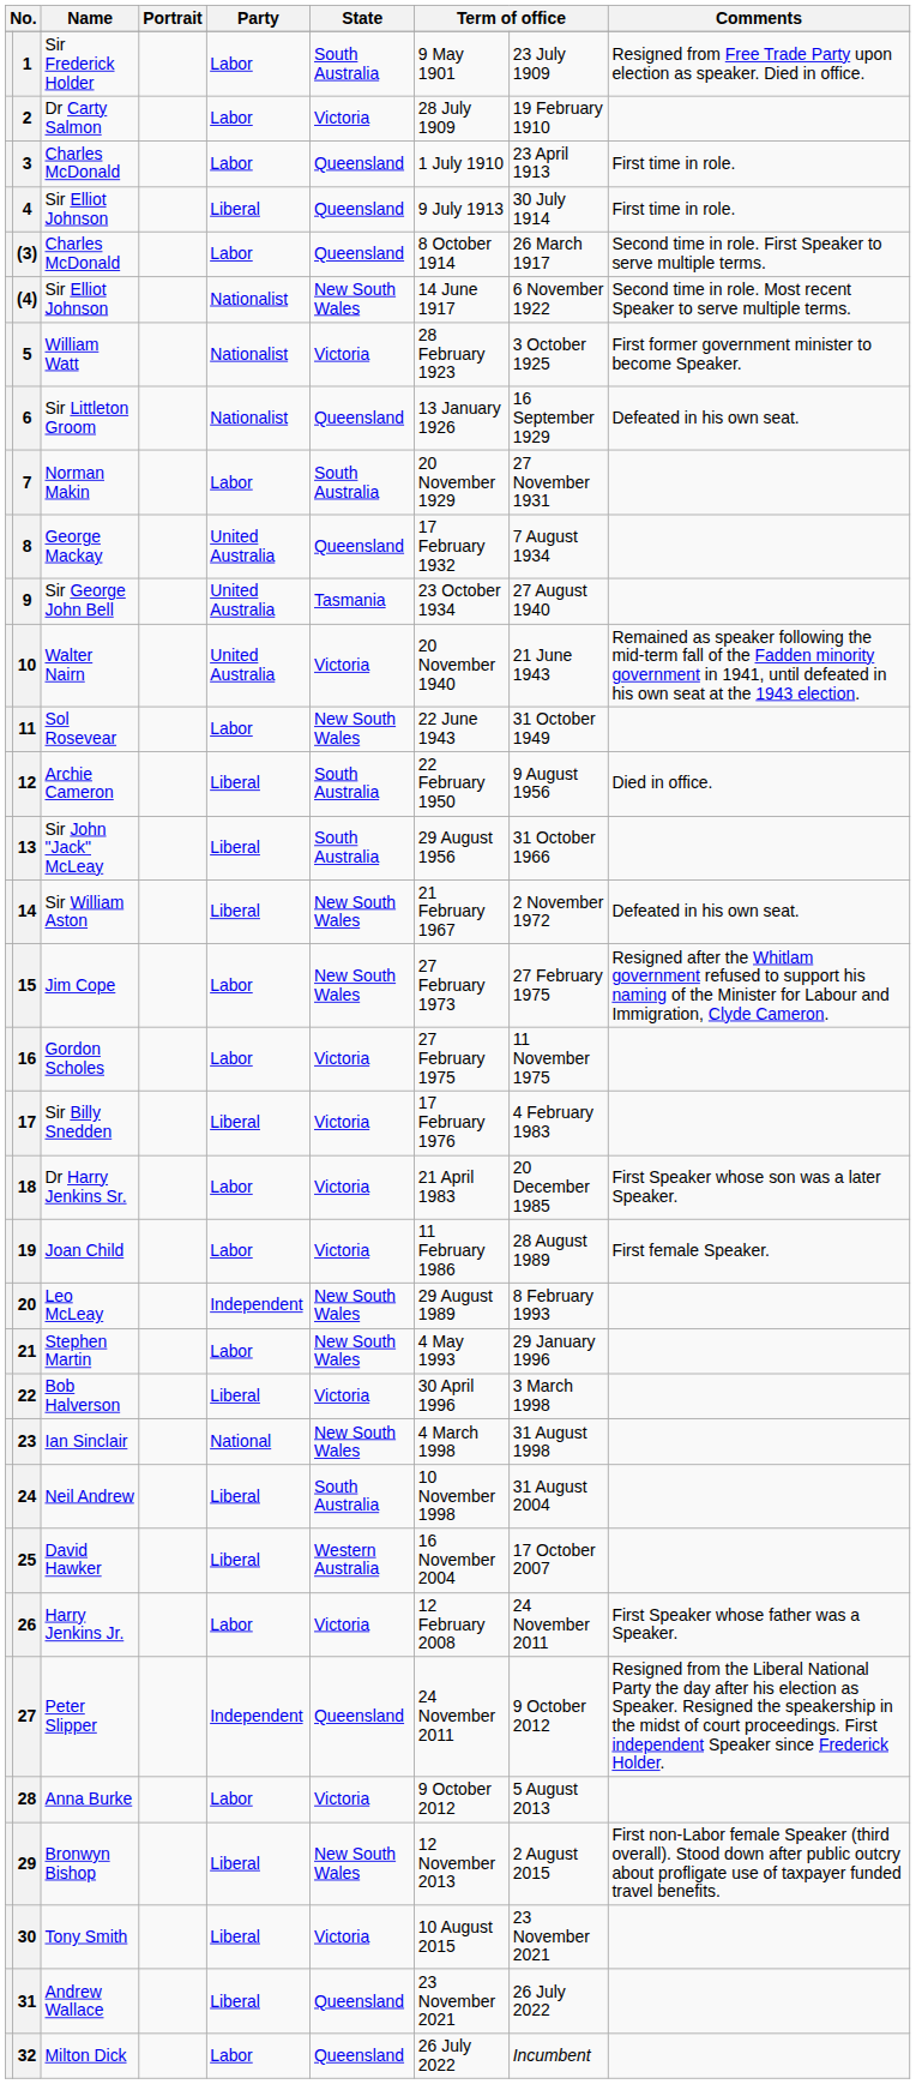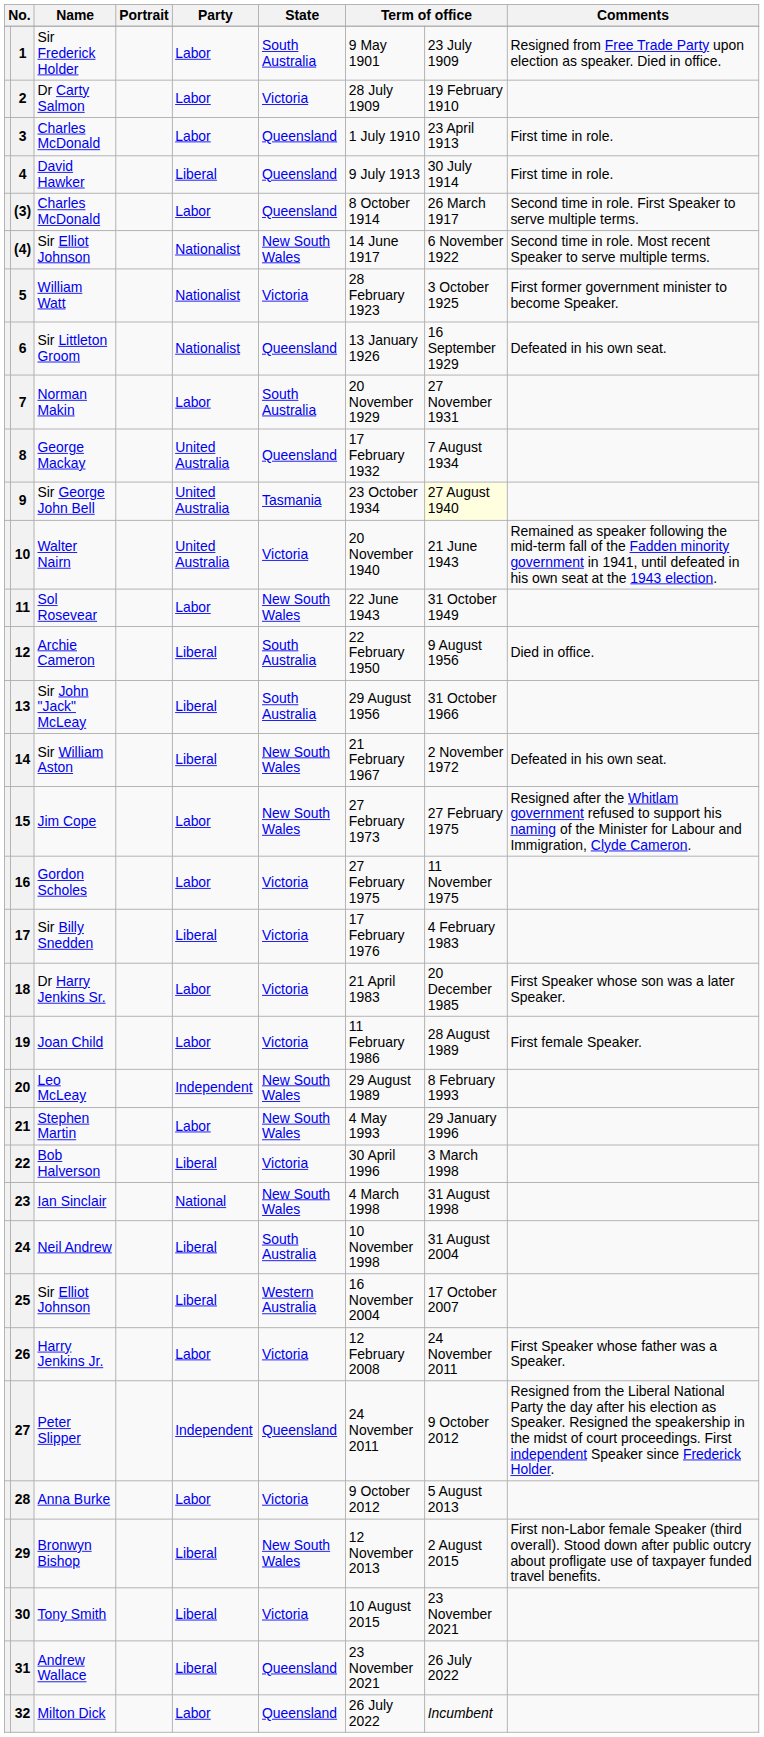 <table class="wikitable">
 <tr>
 <th colspan=2>No.</th>
 <th>Name</th>
 <th>Portrait</th>
 <th>Party</th>
 <th>State</th>
 <th colspan=2>Term of office</th>
 <th>Comments</th>
 </tr>
 <tr>
 </tr>
 <tr>
 <th style="background:"></th>
 <th>1</th>
 <td>Sir <a href='#'>Frederick Holder</a></td>
 <td></td>
 <td><a href='#'>Labor</a></td>
 <td><a href='#'>South Australia</a></td>
 <td>9 May 1901</td>
 <td>23 July 1909</td>
 <td>Resigned from <a href='#'>Free Trade Party</a> upon election as speaker. Died in office.</td>
 </tr>
 <tr>
 <th style="background:"></th>
 <th>2</th>
 <td>Dr <a href='#'>Carty Salmon</a></td>
 <td></td>
 <td><a href='#'>Labor</a></td>
 <td><a href='#'>Victoria</a></td>
 <td>28 July 1909</td>
 <td>19 February 1910</td>
 <td></td>
 </tr>
 <tr>
 <th style="background:"></th>
 <th>3</th>
 <td><a href='#'>Charles McDonald</a></td>
 <td></td>
 <td><a href='#'>Labor</a></td>
 <td><a href='#'>Queensland</a></td>
 <td>1 July 1910</td>
 <td>23 April 1913</td>
 <td>First time in role.</td>
 </tr>
 <tr>
 <th style="background:"></th>
 <th>4</th>
-<td>Sir <a href='#'>Elliot Johnson</a></td>
+<td><a href='#'>David Hawker</a></td>
 <td></td>
 <td><a href='#'>Liberal</a></td>
 <td><a href='#'>Queensland</a></td>
 <td>9 July 1913</td>
 <td>30 July 1914</td>
 <td>First time in role.</td>
 </tr>
 <tr>
 <th style="background:"></th>
 <th>(3)</th>
 <td><a href='#'>Charles McDonald</a></td>
 <td></td>
 <td><a href='#'>Labor</a></td>
 <td><a href='#'>Queensland</a></td>
 <td>8 October 1914</td>
 <td>26 March 1917</td>
 <td>Second time in role. First Speaker to serve multiple terms.</td>
 </tr>
 <tr>
 <th style="background:"></th>
 <th>(4)</th>
 <td>Sir <a href='#'>Elliot Johnson</a></td>
 <td></td>
 <td><a href='#'>Nationalist</a></td>
 <td><a href='#'>New South Wales</a></td>
 <td>14 June 1917</td>
 <td>6 November 1922</td>
 <td>Second time in role. Most recent Speaker to serve multiple terms.</td>
 </tr>
 <tr>
 <th style="background:"></th>
 <th>5</th>
 <td><a href='#'>William Watt</a></td>
 <td></td>
 <td><a href='#'>Nationalist</a></td>
 <td><a href='#'>Victoria</a></td>
 <td>28 February 1923</td>
 <td>3 October 1925</td>
 <td>First former government minister to become Speaker.</td>
 </tr>
 <tr>
 <th style="background:"></th>
 <th>6</th>
 <td>Sir <a href='#'>Littleton Groom</a></td>
 <td></td>
 <td><a href='#'>Nationalist</a></td>
 <td><a href='#'>Queensland</a></td>
 <td>13 January 1926</td>
 <td>16 September 1929</td>
 <td>Defeated in his own seat.</td>
 </tr>
 <tr>
 <th style="background:"></th>
 <th>7</th>
 <td><a href='#'>Norman Makin</a></td>
 <td></td>
 <td><a href='#'>Labor</a></td>
 <td><a href='#'>South Australia</a></td>
 <td>20 November 1929</td>
 <td>27 November 1931</td>
 <td></td>
 </tr>
 <tr>
 <th style="background:"></th>
 <th>8</th>
 <td><a href='#'>George Mackay</a></td>
 <td></td>
 <td><a href='#'>United Australia</a></td>
 <td><a href='#'>Queensland</a></td>
 <td>17 February 1932</td>
 <td>7 August 1934</td>
 <td></td>
 </tr>
 <tr>
 <th style="background:"></th>
 <th>9</th>
 <td>Sir <a href='#'>George John Bell</a></td>
 <td></td>
 <td><a href='#'>United Australia</a></td>
 <td><a href='#'>Tasmania</a></td>
 <td>23 October 1934</td>
-<td>27 August 1940</td>
+<td style="background: lightyellow;">27 August 1940</td>
 <td></td>
 </tr>
 <tr>
 <th style="background:"></th>
 <th>10</th>
 <td><a href='#'>Walter Nairn</a></td>
 <td></td>
 <td><a href='#'>United Australia</a></td>
 <td><a href='#'>Victoria</a></td>
 <td>20 November 1940</td>
 <td>21 June 1943</td>
 <td>Remained as speaker following the mid-term fall of the <a href='#'>Fadden minority government</a> in 1941, until defeated in his own seat at the <a href='#'>1943 election</a>.</td>
 </tr>
 <tr>
 <th style="background:"></th>
 <th>11</th>
 <td><a href='#'>Sol Rosevear</a></td>
 <td></td>
 <td><a href='#'>Labor</a></td>
 <td><a href='#'>New South Wales</a></td>
 <td>22 June 1943</td>
 <td>31 October 1949</td>
 <td></td>
 </tr>
 <tr>
 <th style="background:"></th>
 <th>12</th>
 <td><a href='#'>Archie Cameron</a></td>
 <td></td>
 <td><a href='#'>Liberal</a></td>
 <td><a href='#'>South Australia</a></td>
 <td>22 February 1950</td>
 <td>9 August 1956</td>
 <td>Died in office.</td>
 </tr>
 <tr>
 <th style="background:"></th>
 <th>13</th>
 <td>Sir <a href='#'>John "Jack" McLeay</a></td>
 <td></td>
 <td><a href='#'>Liberal</a></td>
 <td><a href='#'>South Australia</a></td>
 <td>29 August 1956</td>
 <td>31 October 1966</td>
 <td></td>
 </tr>
 <tr>
 <th style="background:"></th>
 <th>14</th>
 <td>Sir <a href='#'>William Aston</a></td>
 <td></td>
 <td><a href='#'>Liberal</a></td>
 <td><a href='#'>New South Wales</a></td>
 <td>21 February 1967</td>
 <td>2 November 1972</td>
 <td>Defeated in his own seat.</td>
 </tr>
 <tr>
 <th style="background:"></th>
 <th>15</th>
 <td><a href='#'>Jim Cope</a></td>
 <td></td>
 <td><a href='#'>Labor</a></td>
 <td><a href='#'>New South Wales</a></td>
 <td>27 February 1973</td>
 <td>27 February 1975</td>
 <td>Resigned after the <a href='#'>Whitlam government</a> refused to support his <a href='#'>naming</a> of the Minister for Labour and Immigration, <a href='#'>Clyde Cameron</a>.</td>
 </tr>
 <tr>
 <th style="background:"></th>
 <th>16</th>
 <td><a href='#'>Gordon Scholes</a></td>
 <td></td>
 <td><a href='#'>Labor</a></td>
 <td><a href='#'>Victoria</a></td>
 <td>27 February 1975</td>
 <td>11 November 1975</td>
 <td></td>
 </tr>
 <tr>
 <th style="background:"></th>
 <th>17</th>
 <td>Sir <a href='#'>Billy Snedden</a></td>
 <td></td>
 <td><a href='#'>Liberal</a></td>
 <td><a href='#'>Victoria</a></td>
 <td>17 February 1976</td>
 <td>4 February 1983</td>
 <td></td>
 </tr>
 <tr>
 <th style="background:"></th>
 <th>18</th>
 <td>Dr <a href='#'>Harry Jenkins Sr.</a></td>
 <td></td>
 <td><a href='#'>Labor</a></td>
 <td><a href='#'>Victoria</a></td>
 <td>21 April 1983</td>
 <td>20 December 1985</td>
 <td>First Speaker whose son was a later Speaker.</td>
 </tr>
 <tr>
 <th style="background:"></th>
 <th>19</th>
 <td><a href='#'>Joan Child</a></td>
 <td></td>
 <td><a href='#'>Labor</a></td>
 <td><a href='#'>Victoria</a></td>
 <td>11 February 1986</td>
 <td>28 August 1989</td>
 <td>First female Speaker.</td>
 </tr>
 <tr>
 <th style="background:"></th>
 <th>20</th>
 <td><a href='#'>Leo McLeay</a></td>
 <td></td>
 <td><a href='#'>Independent</a></td>
 <td><a href='#'>New South Wales</a></td>
 <td>29 August 1989</td>
 <td>8 February 1993</td>
 <td></td>
 </tr>
 <tr>
 <th style="background:"></th>
 <th>21</th>
 <td><a href='#'>Stephen Martin</a></td>
 <td></td>
 <td><a href='#'>Labor</a></td>
 <td><a href='#'>New South Wales</a></td>
 <td>4 May 1993</td>
 <td>29 January 1996</td>
 <td></td>
 </tr>
 <tr>
 <th style="background:"></th>
 <th>22</th>
 <td><a href='#'>Bob Halverson</a></td>
 <td></td>
 <td><a href='#'>Liberal</a></td>
 <td><a href='#'>Victoria</a></td>
 <td>30 April 1996</td>
 <td>3 March 1998</td>
 <td></td>
 </tr>
 <tr>
 <th style="background:"></th>
 <th>23</th>
 <td><a href='#'>Ian Sinclair</a></td>
 <td></td>
 <td><a href='#'>National</a></td>
 <td><a href='#'>New South Wales</a></td>
 <td>4 March 1998</td>
 <td>31 August 1998</td>
 <td></td>
 </tr>
 <tr>
 <th style="background:"></th>
 <th>24</th>
 <td><a href='#'>Neil Andrew</a></td>
 <td></td>
 <td><a href='#'>Liberal</a></td>
 <td><a href='#'>South Australia</a></td>
 <td>10 November 1998</td>
 <td>31 August 2004</td>
 <td></td>
 </tr>
 <tr>
 <th style="background:"></th>
 <th>25</th>
-<td><a href='#'>David Hawker</a></td>
+<td>Sir <a href='#'>Elliot Johnson</a></td>
 <td></td>
 <td><a href='#'>Liberal</a></td>
 <td><a href='#'>Western Australia</a></td>
 <td>16 November 2004</td>
 <td>17 October 2007</td>
 <td></td>
 </tr>
 <tr>
 <th style="background:"></th>
 <th>26</th>
 <td><a href='#'>Harry Jenkins Jr.</a></td>
 <td></td>
 <td><a href='#'>Labor</a></td>
 <td><a href='#'>Victoria</a></td>
 <td>12 February 2008</td>
 <td>24 November 2011</td>
 <td>First Speaker whose father was a Speaker.</td>
 </tr>
 <tr>
 <th style="background:"></th>
 <th>27</th>
 <td><a href='#'>Peter Slipper</a></td>
 <td></td>
 <td><a href='#'>Independent</a></td>
 <td><a href='#'>Queensland</a></td>
 <td>24 November 2011</td>
 <td>9 October 2012</td>
 <td>Resigned from the Liberal National Party the day after his election as Speaker. Resigned the speakership in the midst of court proceedings. First <a href='#'>independent</a> Speaker since <a href='#'>Frederick Holder</a>.</td>
 </tr>
 <tr>
 <th style="background:"></th>
 <th>28</th>
 <td><a href='#'>Anna Burke</a></td>
 <td></td>
 <td><a href='#'>Labor</a></td>
 <td><a href='#'>Victoria</a></td>
 <td>9 October 2012</td>
 <td>5 August 2013</td>
 </tr>
 <tr>
 <th style="background:"></th>
 <th>29</th>
 <td><a href='#'>Bronwyn Bishop</a></td>
 <td></td>
 <td><a href='#'>Liberal</a></td>
 <td><a href='#'>New South Wales</a></td>
 <td>12 November 2013</td>
 <td>2 August 2015</td>
 <td>First non-Labor female Speaker (third overall). Stood down after public outcry about profligate use of taxpayer funded travel benefits.</td>
 </tr>
 <tr>
 <th style="background:"></th>
 <th>30</th>
 <td><a href='#'>Tony Smith</a></td>
 <td></td>
 <td><a href='#'>Liberal</a></td>
 <td><a href='#'>Victoria</a></td>
 <td>10 August 2015</td>
 <td>23 November 2021</td>
 <td></td>
 </tr>
 <tr>
 <th style="background:"></th>
 <th>31</th>
 <td><a href='#'>Andrew Wallace</a></td>
 <td></td>
 <td><a href='#'>Liberal</a></td>
 <td><a href='#'>Queensland</a></td>
 <td>23 November 2021</td>
 <td>26 July 2022</td>
 <td></td>
 </tr>
 <tr>
 <th style="background:"></th>
 <th>32</th>
 <td><a href='#'>Milton Dick</a></td>
 <td></td>
 <td><a href='#'>Labor</a></td>
 <td><a href='#'>Queensland</a></td>
 <td>26 July 2022</td>
 <td><em>Incumbent</em></td>
 <td></td>
 </tr>
 </table>
